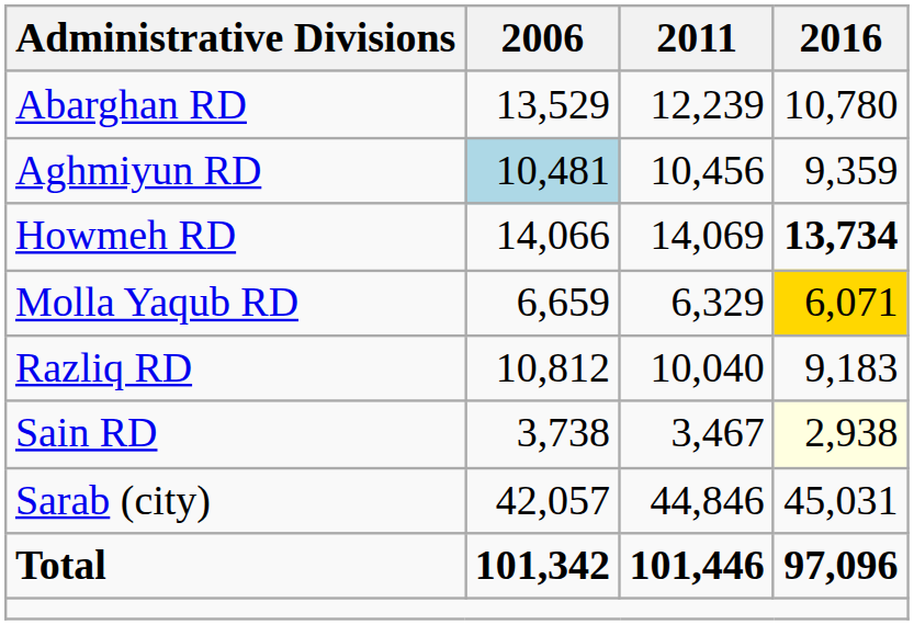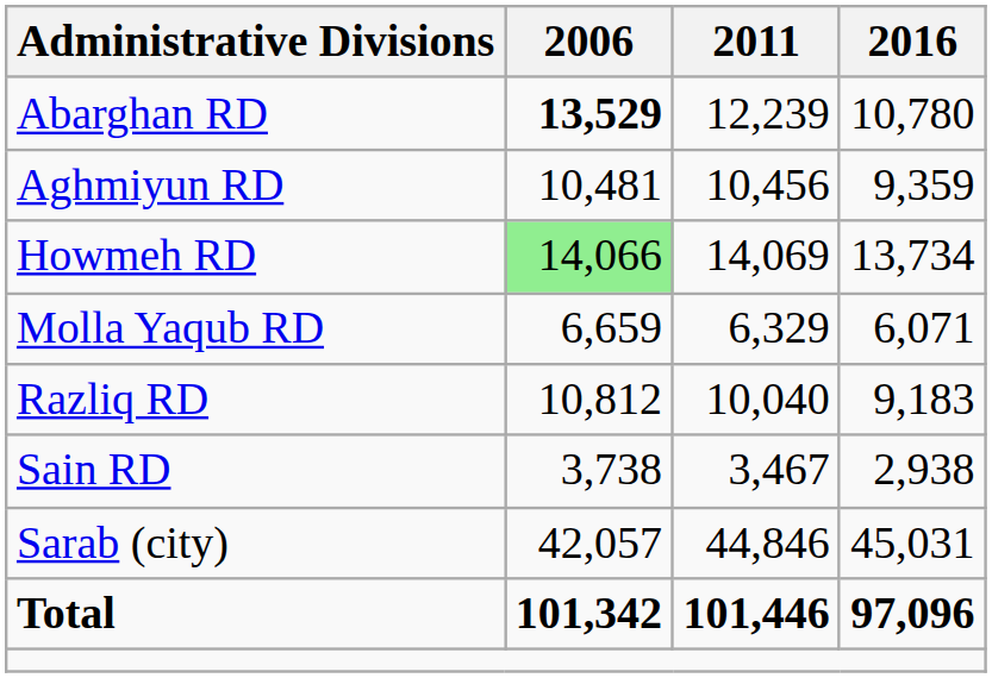 <table class="wikitable">
 <tr>
 <th>Administrative Divisions</th>
 <th>2006</th>
 <th>2011</th>
 <th>2016</th>
 </tr>
 <tr>
 <td><a href='#'>Abarghan RD</a></td>
-<td style="text-align: right;">13,529</td>
+<td style="text-align: right;"><strong>13,529</strong></td>
 <td style="text-align: right;">12,239</td>
 <td style="text-align: right;">10,780</td>
 </tr>
 <tr>
 <td><a href='#'>Aghmiyun RD</a></td>
-<td style="background: lightblue; text-align: right;">10,481</td>
+<td style="text-align: right;">10,481</td>
 <td style="text-align: right;">10,456</td>
 <td style="text-align: right;">9,359</td>
 </tr>
 <tr>
 <td><a href='#'>Howmeh RD</a></td>
-<td style="text-align: right;">14,066</td>
+<td style="background: lightgreen; text-align: right;">14,066</td>
 <td style="text-align: right;">14,069</td>
-<td style="text-align: right;"><strong>13,734</strong></td>
+<td style="text-align: right;">13,734</td>
 </tr>
 <tr>
 <td><a href='#'>Molla Yaqub RD</a></td>
 <td style="text-align: right;">6,659</td>
 <td style="text-align: right;">6,329</td>
-<td style="background: gold; text-align: right;">6,071</td>
+<td style="text-align: right;">6,071</td>
 </tr>
 <tr>
 <td><a href='#'>Razliq RD</a></td>
 <td style="text-align: right;">10,812</td>
 <td style="text-align: right;">10,040</td>
 <td style="text-align: right;">9,183</td>
 </tr>
 <tr>
 <td><a href='#'>Sain RD</a></td>
 <td style="text-align: right;">3,738</td>
 <td style="text-align: right;">3,467</td>
-<td style="background: lightyellow; text-align: right;">2,938</td>
+<td style="text-align: right;">2,938</td>
 </tr>
 <tr>
 <td><a href='#'>Sarab</a> (city)</td>
 <td style="text-align: right;">42,057</td>
 <td style="text-align: right;">44,846</td>
 <td style="text-align: right;">45,031</td>
 </tr>
 <tr>
 <td><strong>Total</strong></td>
 <td style="text-align: right;"><strong>101,342</strong></td>
 <td style="text-align: right;"><strong>101,446</strong></td>
 <td style="text-align: right;"><strong>97,096</strong></td>
 </tr>
 <tr>
 <td colspan=4></td>
 </tr>
 </table>
